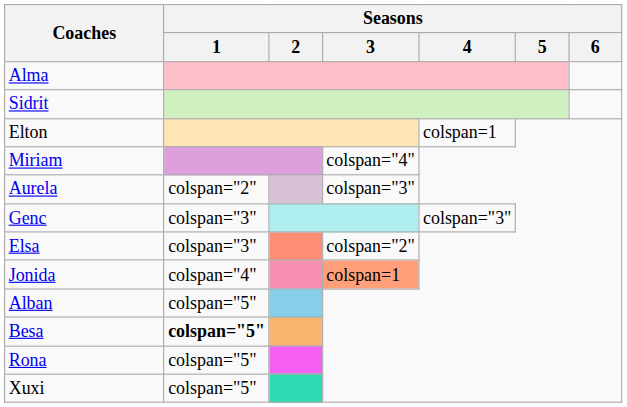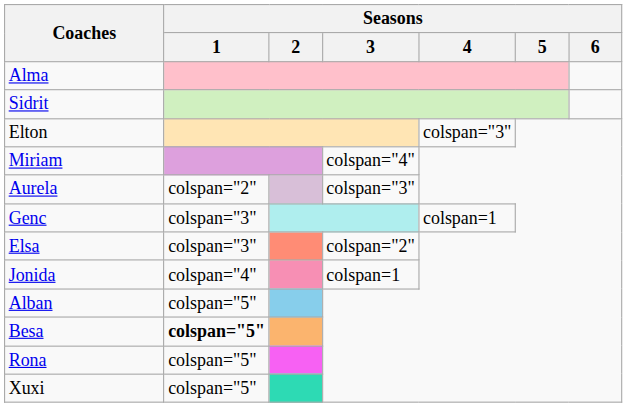 <table class="wikitable" width:"50%">
 <tr>
 <th rowspan="2" width="135">Coaches</th>
 <th colspan="6" style="text-align:center;">Seasons</th>
 </tr>
 <tr>
 <th width="40">1</th>
 <th width="40">2</th>
 <th width="40">3</th>
 <th width="40">4</th>
 <th width="40">5</th>
 <th width="40">6</th>
 </tr>
 <tr>
 <td><a href='#'>Alma</a></td>
 <td colspan="5" style="text-align:center; background:pink;"></td>
 <td></td>
 </tr>
 <tr>
 <td><a href='#'>Sidrit</a></td>
 <td colspan="5" style="text-align:center; background:#d0f0c0;"></td>
 <td></td>
 </tr>
 <tr>
 <td>Elton</td>
 <td colspan="3" style="text-align:center; background:#ffe5b4;"></td>
-<td>colspan=1 </td>
+<td>colspan="3"  </td>
 </tr>
 <tr>
 <td><a href='#'>Miriam</a></td>
 <td colspan="2" style="text-align:center; background:#dda0dd;"></td>
 <td>colspan="4" </td>
 </tr>
 <tr>
 <td><a href='#'>Aurela</a></td>
 <td>colspan="2" </td>
 <td style="text-align:center; background:thistle;"></td>
 <td>colspan="3" </td>
 </tr>
 <tr>
 <td><a href='#'>Genc</a></td>
 <td>colspan="3" </td>
 <td colspan="2" style="text-align:center; background:#afeeee;"></td>
-<td>colspan="3"  </td>
+<td>colspan=1 </td>
 </tr>
 <tr>
 <td><a href='#'>Elsa</a></td>
 <td>colspan="3" </td>
 <td style="text-align:center; background:#ff8c75;"></td>
 <td>colspan="2" </td>
 </tr>
 <tr>
 <td><a href='#'>Jonida</a></td>
 <td>colspan="4" </td>
 <td style="text-align:center; background:#f78fb4;"></td>
-<td style="background: lightsalmon;">colspan=1 </td>
+<td>colspan=1 </td>
 </tr>
 <tr>
 <td><a href='#'>Alban</a></td>
 <td>colspan="5" </td>
 <td style="text-align:center; background:#87ceeb;"></td>
 </tr>
 <tr>
 <td><a href='#'>Besa</a></td>
 <td><strong>colspan="5" </strong></td>
 <td style="text-align:center; background:#fbb46e;"></td>
 </tr>
 <tr>
 <td><a href='#'>Rona</a></td>
 <td>colspan="5" </td>
 <td style="text-align:center; background:#f761f3;"></td>
 </tr>
 <tr>
 <td>Xuxi</td>
 <td>colspan="5" </td>
 <td style="text-align:center; background:#2ddab4;"></td>
 </tr>
 </table>
